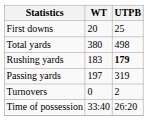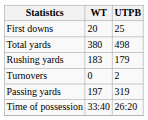 <table class="wikitable" style="float: left;">
 <tr>
 <th>Statistics</th>
 <th>WT</th>
 <th>UTPB</th>
 </tr>
 <tr>
 <td>First downs</td>
 <td>20</td>
 <td>25</td>
 </tr>
 <tr>
 <td>Total yards</td>
 <td>380</td>
 <td>498</td>
 </tr>
 <tr>
 <td>Rushing yards</td>
 <td>183</td>
-<td><strong>179</strong></td>
+<td>179</td>
+</tr>
+<tr>
+<td>Turnovers</td>
+<td>0</td>
+<td>2</td>
 </tr>
 <tr>
 <td>Passing yards</td>
 <td>197</td>
 <td>319</td>
-</tr>
-<tr>
-<td>Turnovers</td>
-<td>0</td>
-<td>2</td>
 </tr>
 <tr>
 <td>Time of possession</td>
 <td>33:40</td>
 <td>26:20</td>
 </tr>
 <tr>
 </tr>
 </table>
